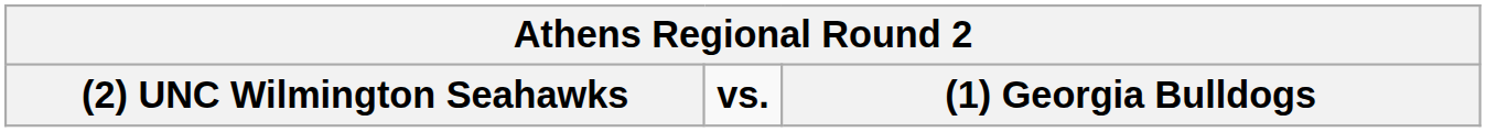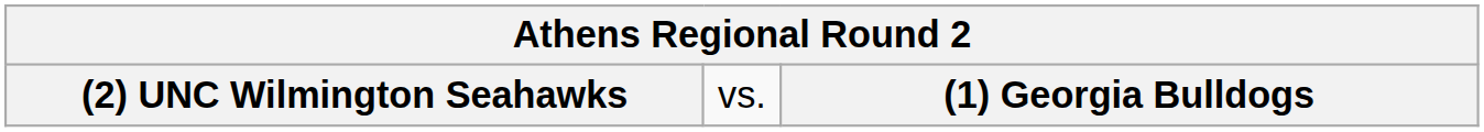 <table class="wikitable">
 <tr>
 <th style="width: 604px;" colspan=3>Athens Regional Round 2</th>
 </tr>
 <tr>
 <th style="width: 289px; ">(2) UNC Wilmington Seahawks</th>
-<td style="width: 25px; text-align:center"><strong>vs.</strong></td>
+<td style="width: 25px; text-align:center">vs.</td>
 <th style="width: 289px; ">(1) Georgia Bulldogs</th>
 </tr>
 </table>
